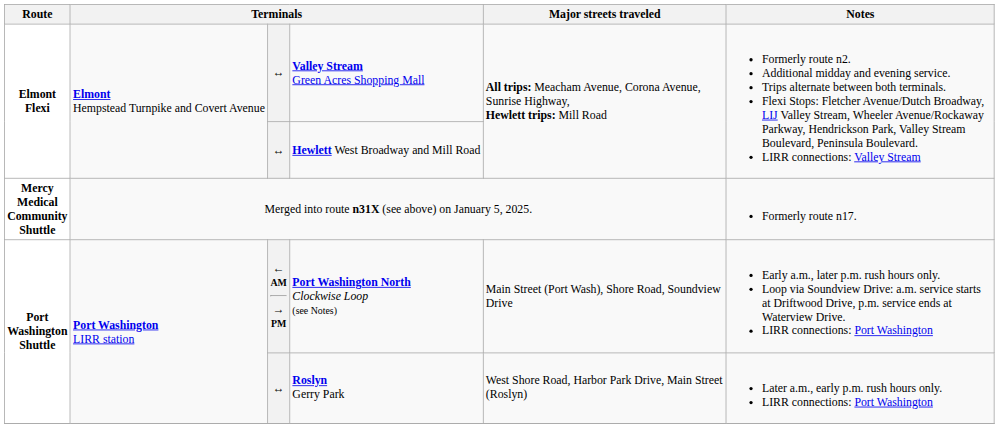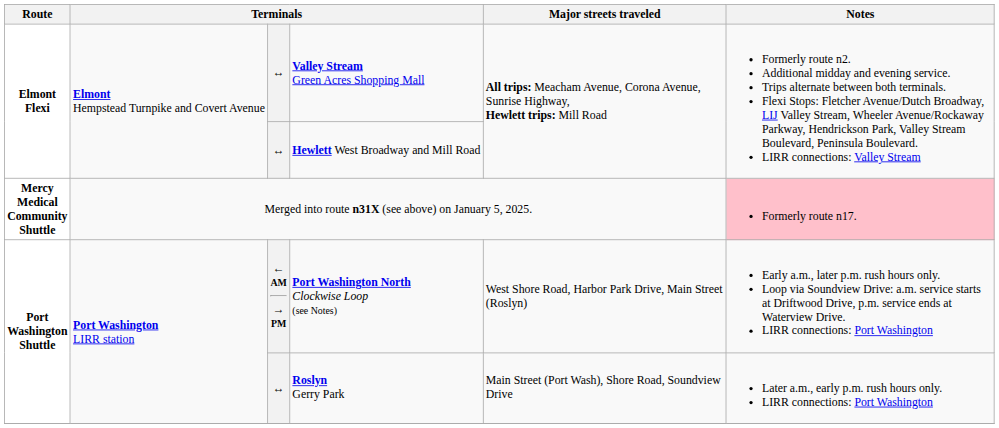 <table class=wikitable style="font-size: 90%;" |>
 <tr>
 <th>Route</th>
 <th colspan=3>Terminals</th>
 <th style="width:290px;">Major streets traveled</th>
 <th style="width:320px;">Notes</th>
 </tr>
 <tr>
 <td rowspan=2 style="background:white; color:black; text-align:center;"><div><strong>Elmont<br>Flexi</strong></div></td>
 <td rowspan=2><strong><a href='#'>Elmont</a></strong><br>Hempstead Turnpike and Covert Avenue</td>
 <th><span>↔</span></th>
 <td><strong><a href='#'>Valley Stream</a></strong><br><a href='#'>Green Acres Shopping Mall</a></td>
 <td rowspan=2><strong>All trips:</strong> Meacham Avenue, Corona Avenue, Sunrise Highway,<br><strong>Hewlett trips:</strong> Mill Road</td>
 <td rowspan=2><br><ul><li>Formerly route n2.</li><li>Additional midday and evening service.</li><li>Trips alternate between both terminals.</li><li>Flexi Stops:  Fletcher Avenue/Dutch Broadway, <a href='#'>LIJ</a> Valley Stream, Wheeler Avenue/Rockaway Parkway, Hendrickson Park, Valley Stream Boulevard, Peninsula Boulevard.</li><li>LIRR connections: <a href='#'>Valley Stream</a></li></ul></td>
 </tr>
 <tr>
 <th><span>↔</span></th>
 <td><strong><a href='#'>Hewlett</a></strong> West Broadway and Mill Road</td>
 </tr>
 <tr>
 <td style="text-align:center; background:white; color:black; vertical-align:top;"><div><strong>Mercy<br>Medical<br>Community<br>Shuttle</strong></div></td>
 <td colspan=4 style="text-align:center;">Merged into route <strong>n31X</strong> (see above) on January 5, 2025.</td>
-<td><br><ul><li>Formerly route n17.</li></ul></td>
+<td style="background: pink;"><br><ul><li>Formerly route n17.</li></ul></td>
 </tr>
 <tr>
 <td rowspan=2 style="text-align:center; background:white; color:black;"><div><strong>Port<br>Washington<br>Shuttle</strong></div></td>
 <td rowspan =2><strong><a href='#'>Port Washington</a></strong><br><a href='#'>LIRR station</a></td>
 <th><span>←</span><br><small>AM</small><hr><span>→</span><br><small>PM</small></th>
 <td><strong><a href='#'>Port Washington North</a></strong><br><em>Clockwise Loop</em><br><small>(see Notes)</small></td>
-<td>Main Street (Port Wash), Shore Road, Soundview Drive</td>
+<td>West Shore Road, Harbor Park Drive, Main Street (Roslyn)</td>
 <td><br><ul><li>Early a.m., later p.m. rush hours only.</li><li>Loop via Soundview Drive: a.m. service starts at Driftwood Drive, p.m. service ends at Waterview Drive.</li><li>LIRR connections: <a href='#'>Port Washington</a></li></ul></td>
 </tr>
 <tr>
 <th><span>↔</span></th>
 <td><strong><a href='#'>Roslyn</a></strong><br>Gerry Park</td>
-<td>West Shore Road, Harbor Park Drive, Main Street (Roslyn)</td>
+<td>Main Street (Port Wash), Shore Road, Soundview Drive</td>
 <td><br><ul><li>Later a.m., early p.m. rush hours only.</li><li>LIRR connections: <a href='#'>Port Washington</a></li></ul></td>
 </tr>
 <tr>
 </tr>
 </table>
